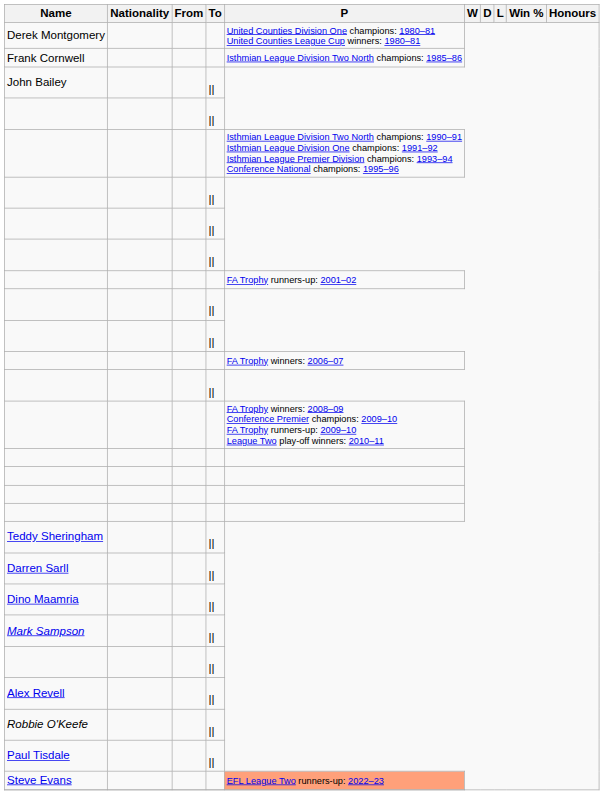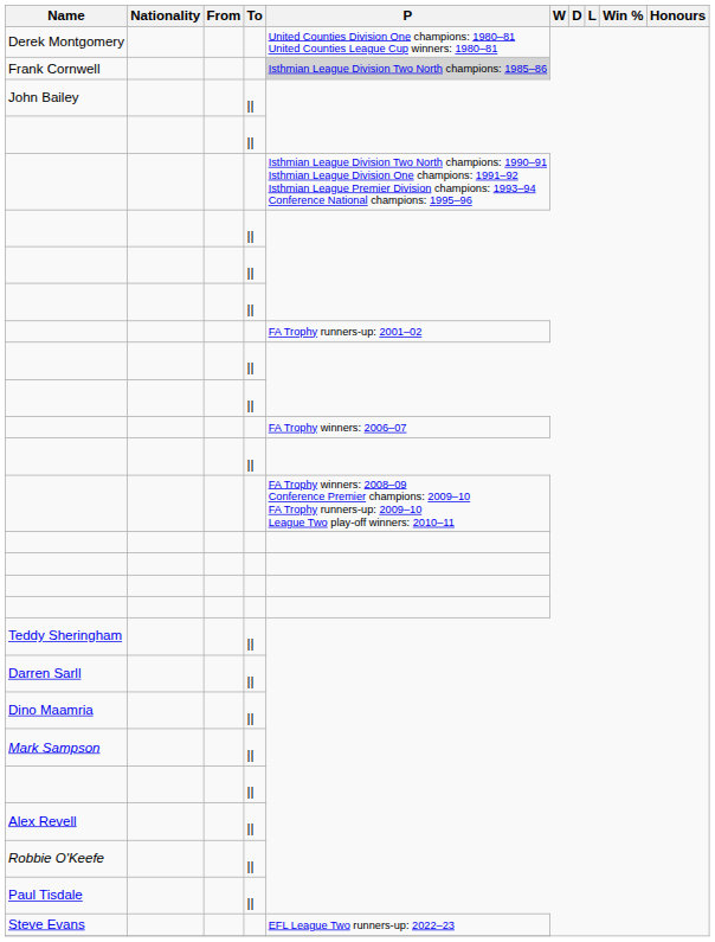 <table class="wikitable sortable plainrowheaders" style="text-align: center">
 <tr>
 <th scope=col>Name</th>
 <th scope=col>Nationality</th>
 <th scope=col>From</th>
 <th scope=col>To</th>
 <th scope=col>P</th>
 <th scope=col>W</th>
 <th scope=col>D</th>
 <th scope=col>L</th>
 <th scope=col>Win %</th>
 <th scope=col>Honours</th>
 </tr>
 <tr>
 <td align=left>Derek Montgomery</td>
 <td align=left></td>
 <td align=left></td>
 <td align=left><br></td>
 <td align=left style="font-size: 80%"><a href='#'>United Counties Division One</a> champions: <a href='#'>1980–81</a><br> <a href='#'>United Counties League Cup</a> winners: <a href='#'>1980–81</a></td>
 </tr>
 <tr>
 <td align=left>Frank Cornwell</td>
 <td align=left></td>
 <td align=left></td>
 <td align=left><br></td>
-<td align=left style="font-size: 80%"><a href='#'>Isthmian League Division Two North</a> champions: <a href='#'>1985–86</a></td>
+<td align=left style="background: lightgrey; font-size: 80%"><a href='#'>Isthmian League Division Two North</a> champions: <a href='#'>1985–86</a></td>
 </tr>
 <tr>
 <td align=left>John Bailey</td>
 <td align=left></td>
 <td align=left></td>
 <td align=left><br>||</td>
 </tr>
 <tr>
 <td align=left></td>
 <td align=left></td>
 <td align=left></td>
 <td align=left><br>||</td>
 </tr>
 <tr>
 <td align=left></td>
 <td align=left></td>
 <td align=left></td>
 <td align=left><br></td>
 <td align=left style="font-size: 80%"><a href='#'>Isthmian League Division Two North</a> champions: <a href='#'>1990–91</a><br><a href='#'>Isthmian League Division One</a> champions: <a href='#'>1991–92</a><br><a href='#'>Isthmian League Premier Division</a> champions: <a href='#'>1993–94</a><br><a href='#'>Conference National</a> champions: <a href='#'>1995–96</a></td>
 </tr>
 <tr>
 <td align=left></td>
 <td align=left></td>
 <td align=left></td>
 <td align=left><br>||</td>
 </tr>
 <tr>
 <td align=left></td>
 <td align=left></td>
 <td align=left></td>
 <td align=left><br>||</td>
 </tr>
 <tr>
 <td align=left></td>
 <td align=left></td>
 <td align=left></td>
 <td align=left><br>||</td>
 </tr>
 <tr>
 <td align=left></td>
 <td align=left></td>
 <td align=left></td>
 <td align=left><br></td>
 <td align=left style="font-size: 80%"><a href='#'>FA Trophy</a> runners-up: <a href='#'>2001–02</a></td>
 </tr>
 <tr>
 <td align=left><em></em></td>
 <td align=left></td>
 <td align=left></td>
 <td align=left><br>||</td>
 </tr>
 <tr>
 <td align=left></td>
 <td align=left></td>
 <td align=left></td>
 <td align=left><br>||</td>
 </tr>
 <tr>
 <td align=left></td>
 <td align=left></td>
 <td align=left></td>
 <td align=left><br></td>
 <td align=left style="font-size: 80%"><a href='#'>FA Trophy</a> winners: <a href='#'>2006–07</a></td>
 </tr>
 <tr>
 <td align=left></td>
 <td align=left></td>
 <td align=left></td>
 <td align=left><br>||</td>
 </tr>
 <tr>
 <td align=left></td>
 <td align=left></td>
 <td align=left></td>
 <td align=left><br></td>
 <td align=left style="font-size: 80%"><a href='#'>FA Trophy</a> winners: <a href='#'>2008–09</a><br><a href='#'>Conference Premier</a> champions: <a href='#'>2009–10</a><br><a href='#'>FA Trophy</a> runners-up: <a href='#'>2009–10</a><br><a href='#'>League Two</a> play-off winners: <a href='#'>2010–11</a></td>
 </tr>
 <tr>
 <td align=left><em></em></td>
 <td align=left></td>
 <td align=left></td>
 <td align=left><br></td>
 <td align=left style="font-size: 80%"></td>
 </tr>
 <tr>
 <td align=left></td>
 <td align=left></td>
 <td align=left></td>
 <td align=left><br></td>
 <td align=left style="font-size: 80%"></td>
 </tr>
 <tr>
 <td align=left><em></em></td>
 <td align=left></td>
 <td align=left></td>
 <td align=left><br></td>
 <td align=left style="font-size: 80%"></td>
 </tr>
 <tr>
 <td align=left></td>
 <td align=left></td>
 <td align=left></td>
 <td align=left><br></td>
 <td align=left style="font-size: 80%"></td>
 </tr>
 <tr>
 <td align=left><a href='#'>Teddy Sheringham</a></td>
 <td align=left></td>
 <td align=left></td>
 <td align=left><br>||</td>
 </tr>
 <tr>
 <td align=left><a href='#'>Darren Sarll</a></td>
 <td align=left></td>
 <td align=left></td>
 <td align=left><br>||</td>
 </tr>
 <tr>
 <td align=left><a href='#'>Dino Maamria</a></td>
 <td align=left></td>
 <td align=left></td>
 <td align=left><br>||</td>
 </tr>
 <tr>
 <td align=left><em><a href='#'>Mark Sampson</a></em></td>
 <td align=left></td>
 <td align=left></td>
 <td align=left><br>||</td>
 </tr>
 <tr>
 <td align=left></td>
 <td align=left></td>
 <td align=left></td>
 <td align=left><br>||</td>
 </tr>
 <tr>
 <td align=left><a href='#'>Alex Revell</a></td>
 <td align=left></td>
 <td align=left></td>
 <td align=left><br>||</td>
 </tr>
 <tr>
 <td align=left><em>Robbie O'Keefe</em></td>
 <td align=left></td>
 <td align=left></td>
 <td align=left><br>||</td>
 </tr>
 <tr>
 <td align=left><a href='#'>Paul Tisdale</a></td>
 <td align=left></td>
 <td align=left></td>
 <td align=left><br>||</td>
 </tr>
 <tr>
 <td align=left><a href='#'>Steve Evans</a></td>
 <td align=left></td>
 <td align=left></td>
 <td align=left><br></td>
-<td align=left style="background: lightsalmon; font-size: 80%"><a href='#'>EFL League Two</a> runners-up: <a href='#'>2022–23</a></td>
+<td align=left style="font-size: 80%"><a href='#'>EFL League Two</a> runners-up: <a href='#'>2022–23</a></td>
 </tr>
 <tr>
 </tr>
 </table>
